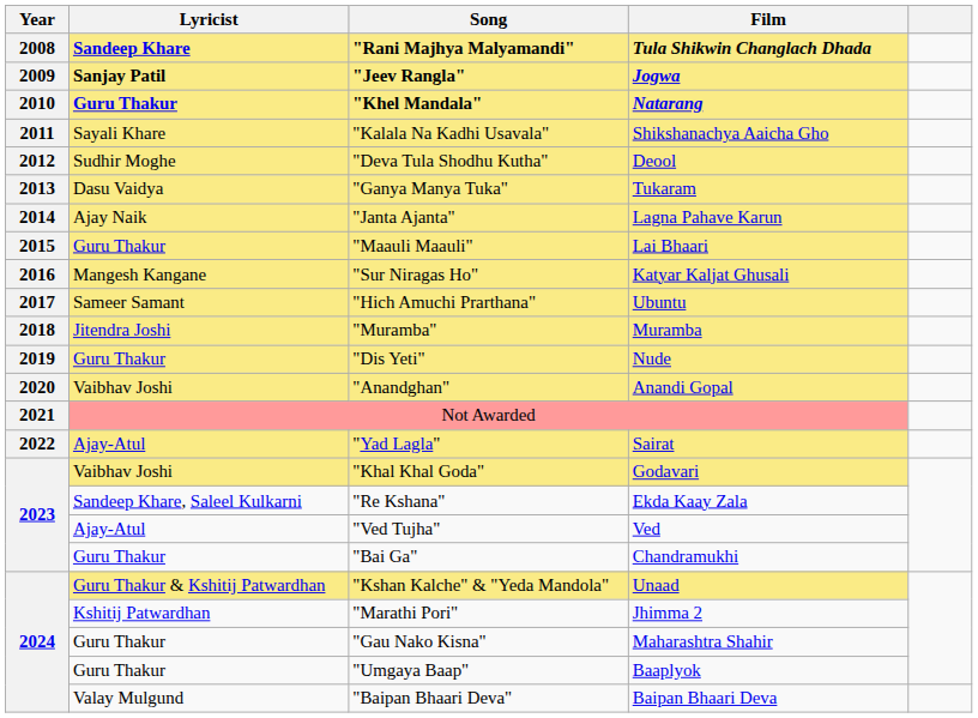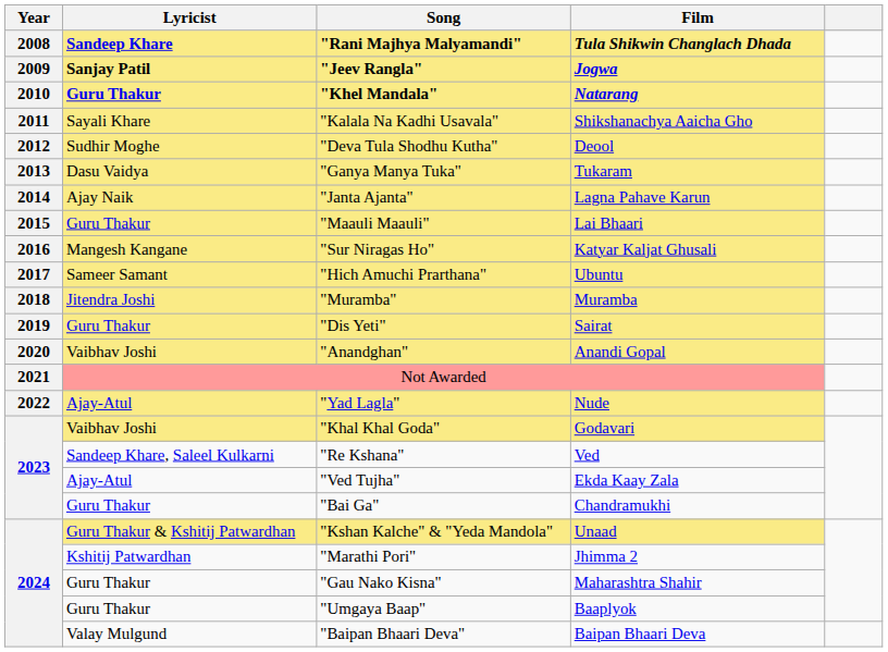 <table class="wikitable" style="">
 <tr bgcolor="#bebebe">
 <th width="5%">Year</th>
 <th width="22%">Lyricist</th>
 <th width="22%">Song</th>
 <th width="22%">Film</th>
 <th width="5%"></th>
 </tr>
 <tr>
 <th rowspan="1" style="text-align:center">2008</th>
 <td rowspan="1" style="background:#FAEB86;"><strong><a href='#'>Sandeep Khare</a></strong></td>
 <td style="background:#FAEB86;"><strong>"Rani Majhya Malyamandi"</strong></td>
 <td style="background:#FAEB86;"><strong><em>Tula Shikwin Changlach Dhada</em></strong></td>
 <td></td>
 </tr>
 <tr>
 <th rowspan="1" style="text-align:center">2009</th>
 <td rowspan="1" style="background:#FAEB86;"><strong>Sanjay Patil</strong></td>
 <td style="background:#FAEB86;"><strong>"Jeev Rangla"</strong></td>
 <td style="background:#FAEB86;"><strong><em><a href='#'>Jogwa</a></em></strong></td>
 <td></td>
 </tr>
 <tr>
 <th rowspan="1" style="text-align:center">2010</th>
 <td rowspan="1" style="background:#FAEB86;"><strong><a href='#'>Guru Thakur</a></strong></td>
 <td style="background:#FAEB86;"><strong>"Khel Mandala"</strong></td>
 <td style="background:#FAEB86;"><strong><em><a href='#'>Natarang</a><em> <strong></td>
 <td></td>
 </tr>
 <tr>
 <th rowspan="1" style="text-align:center">2011</th>
 <td rowspan="1" style="background:#FAEB86;"></strong>Sayali Khare<strong></td>
 <td style="background:#FAEB86;"></strong>"Kalala Na Kadhi Usavala"<strong></td>
 <td style="background:#FAEB86;"></em></strong><a href='#'>Shikshanachya Aaicha Gho</a><strong><em></td>
 <td></td>
 </tr>
 <tr>
 <th rowspan="1" style="text-align:center">2012</th>
 <td rowspan="1" style="background:#FAEB86;"></strong>Sudhir Moghe<strong></td>
 <td style="background:#FAEB86;"></strong>"Deva Tula Shodhu Kutha"<strong></td>
 <td style="background:#FAEB86;"></em></strong><a href='#'>Deool</a><strong><em></td>
 <td></td>
 </tr>
 <tr>
 <th rowspan="1" style="text-align:center">2013</th>
 <td rowspan="1" style="background:#FAEB86;"></strong>Dasu Vaidya<strong></td>
 <td style="background:#FAEB86;"></strong>"Ganya Manya Tuka"<strong></td>
 <td style="background:#FAEB86;"></em></strong><a href='#'>Tukaram</a><strong><em></td>
 <td></td>
 </tr>
 <tr>
 <th rowspan="1" style="text-align:center">2014</th>
 <td rowspan="1" style="background:#FAEB86;"></strong>Ajay Naik<strong></td>
 <td style="background:#FAEB86;"></strong>"Janta Ajanta"<strong></td>
 <td style="background:#FAEB86;"></em></strong><a href='#'>Lagna Pahave Karun</a><strong><em></td>
 <td></td>
 </tr>
 <tr>
 <th rowspan="1" style="text-align:center">2015</th>
 <td rowspan="1" style="background:#FAEB86;"></strong><a href='#'>Guru Thakur</a><strong></td>
 <td style="background:#FAEB86;"></strong>"Maauli Maauli"<strong></td>
 <td style="background:#FAEB86;"></em></strong><a href='#'>Lai Bhaari</a><strong><em></td>
 <td></td>
 </tr>
 <tr>
 <th rowspan="1" style="text-align:center">2016</th>
 <td rowspan="1" style="background:#FAEB86;"></strong>Mangesh Kangane<strong></td>
 <td style="background:#FAEB86;"></strong>"Sur Niragas Ho"<strong></td>
 <td style="background:#FAEB86;"></em></strong><a href='#'>Katyar Kaljat Ghusali</a><strong><em></td>
 <td></td>
 </tr>
 <tr>
 <th rowspan="1" style="text-align:center">2017</th>
 <td rowspan="1" style="background:#FAEB86;"></strong>Sameer Samant<strong></td>
 <td style="background:#FAEB86;"></strong>"Hich Amuchi Prarthana"<strong></td>
 <td style="background:#FAEB86;"></em></strong><a href='#'>Ubuntu</a><strong><em></td>
 <td></td>
 </tr>
 <tr>
 <th rowspan="1" style="text-align:center">2018</th>
 <td rowspan="1" style="background:#FAEB86;"></strong><a href='#'>Jitendra Joshi</a><strong></td>
 <td style="background:#FAEB86;"></strong>"Muramba"<strong></td>
 <td style="background:#FAEB86;"></em></strong><a href='#'>Muramba</a><strong><em></td>
 <td></td>
 </tr>
 <tr>
 <th rowspan="1" style="text-align:center">2019</th>
 <td rowspan="1" style="background:#FAEB86;"></strong><a href='#'>Guru Thakur</a><strong></td>
 <td style="background:#FAEB86;"></strong>"Dis Yeti"<strong></td>
-<td style="background:#FAEB86;"></em></strong><a href='#'>Nude</a><strong><em></td>
+<td style="background:#FAEB86;"></em></strong><a href='#'>Sairat</a><strong><em></td>
 <td></td>
 </tr>
 <tr>
 <th rowspan="1" style="text-align:center">2020</th>
 <td rowspan="1" style="background:#FAEB86;"></strong>Vaibhav Joshi<strong></td>
 <td style="background:#FAEB86;"></strong>"Anandghan"<strong></td>
 <td style="background:#FAEB86;"></em></strong><a href='#'>Anandi Gopal</a><strong><em></td>
 <td></td>
 </tr>
 <tr>
 <th rowspan="1" style="text-align:center">2021</th>
 <td colspan="3" rowspan="1" bgcolor="#ff9a9a" style="text-align:center"></strong>Not Awarded<strong></td>
 <td></td>
 </tr>
 <tr>
 <th rowspan="1" style="text-align:center">2022</th>
 <td rowspan="1" style="background:#FAEB86;"></strong><a href='#'>Ajay-Atul</a><strong></td>
 <td style="background:#FAEB86;"></strong>"<a href='#'>Yad Lagla</a>"<strong></td>
-<td style="background:#FAEB86;"></em></strong><a href='#'>Sairat</a><strong><em></td>
+<td style="background:#FAEB86;"></em></strong><a href='#'>Nude</a><strong><em></td>
 <td></td>
 </tr>
 <tr>
 <th rowspan="4" style="text-align:center"><a href='#'>2023</a></th>
 <td rowspan="1" style="background:#FAEB86;"></strong>Vaibhav Joshi <strong></td>
 <td style="background:#FAEB86;"></strong>"Khal Khal Goda"<strong></td>
 <td style="background:#FAEB86;"></em></strong><a href='#'>Godavari</a><strong><em></td>
 <td rowspan="4"></td>
 </tr>
 <tr>
 <td><a href='#'>Sandeep Khare</a>, <a href='#'>Saleel Kulkarni</a></td>
 <td>"Re Kshana"</td>
-<td></em><a href='#'>Ekda Kaay Zala</a><em></td>
+<td></em><a href='#'>Ved</a><em></td>
 </tr>
 <tr>
 <td><a href='#'>Ajay-Atul</a></td>
 <td>"Ved Tujha"</td>
-<td></em><a href='#'>Ved</a><em></td>
+<td></em><a href='#'>Ekda Kaay Zala</a><em></td>
 </tr>
 <tr>
 <td><a href='#'>Guru Thakur</a></td>
 <td>"Bai Ga"</td>
 <td><a href='#'></em>Chandramukhi<em></a></td>
 </tr>
 <tr>
 <th rowspan="5" style="text-align:center"><a href='#'>2024</a></th>
 <td rowspan="1" style="background:#FAEB86;"></strong><a href='#'>Guru Thakur</a> & <a href='#'>Kshitij Patwardhan</a><strong></td>
 <td style="background:#FAEB86;"></strong>"Kshan Kalche" & "Yeda Mandola"<strong></td>
 <td style="background:#FAEB86;"></em></strong><a href='#'>Unaad</a><strong><em></td>
 <td rowspan="4"></td>
 </tr>
 <tr>
 <td><a href='#'>Kshitij Patwardhan</a></td>
 <td>"Marathi Pori"</td>
 <td></em><a href='#'>Jhimma 2</a><em></td>
 </tr>
 <tr>
 <td>Guru Thakur</td>
 <td>"Gau Nako Kisna"</td>
 <td></em><a href='#'>Maharashtra Shahir</a><em></td>
 </tr>
 <tr>
 <td>Guru Thakur</td>
 <td>"Umgaya Baap"</td>
 <td></em><a href='#'>Baaplyok</a><em></td>
 </tr>
 <tr>
 <td>Valay Mulgund</td>
 <td>"Baipan Bhaari Deva"</td>
 <td></em><a href='#'>Baipan Bhaari Deva</a><em></td>
 <td></td>
 </tr>
 </table>
